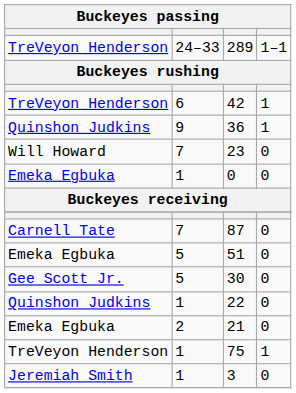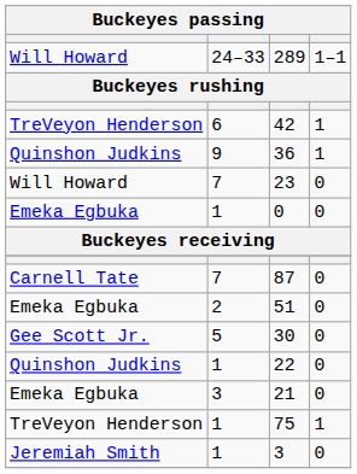 <table class="wikitable plainrowheaders">
 <tr>
 <th colspan="6">Buckeyes passing</th>
 </tr>
 <tr>
 <th scope="col"></th>
 <th scope="col"></th>
 <th scope="col"></th>
 <th scope="col"></th>
 </tr>
 <tr>
-<td><a href='#'>TreVeyon Henderson</a></td>
+<td><a href='#'>Will Howard</a></td>
 <td>24–33</td>
 <td>289</td>
 <td>1–1</td>
 </tr>
 <tr>
 <th colspan="6">Buckeyes rushing</th>
 </tr>
 <tr>
 <th scope="col"></th>
 <th scope="col"></th>
 <th scope="col"></th>
 <th scope="col"></th>
 </tr>
 <tr>
 <td><a href='#'>TreVeyon Henderson</a></td>
 <td>6</td>
 <td>42</td>
 <td>1</td>
 </tr>
 <tr>
 <td><a href='#'>Quinshon Judkins</a></td>
 <td>9</td>
 <td>36</td>
 <td>1</td>
 </tr>
 <tr>
 <td>Will Howard</td>
 <td>7</td>
 <td>23</td>
 <td>0</td>
 </tr>
 <tr>
 <td><a href='#'>Emeka Egbuka</a></td>
 <td>1</td>
 <td>0</td>
 <td>0</td>
 </tr>
 <tr>
 <th colspan="6">Buckeyes receiving</th>
 </tr>
 <tr>
 </tr>
 <tr>
 <th scope="col"></th>
 <th scope="col"></th>
 <th scope="col"></th>
 <th scope="col"></th>
 </tr>
 <tr>
 <td><a href='#'>Carnell Tate</a></td>
 <td>7</td>
 <td>87</td>
 <td>0</td>
 </tr>
 <tr>
 <td>Emeka Egbuka</td>
-<td>5</td>
+<td>2</td>
 <td>51</td>
 <td>0</td>
 </tr>
 <tr>
 <td><a href='#'>Gee Scott Jr.</a></td>
 <td>5</td>
 <td>30</td>
 <td>0</td>
 </tr>
 <tr>
 <td><a href='#'>Quinshon Judkins</a></td>
 <td>1</td>
 <td>22</td>
 <td>0</td>
 </tr>
 <tr>
 <td>Emeka Egbuka</td>
-<td>2</td>
+<td>3</td>
 <td>21</td>
 <td>0</td>
 </tr>
 <tr>
 <td>TreVeyon Henderson</td>
 <td>1</td>
 <td>75</td>
 <td>1</td>
 </tr>
 <tr>
 <td><a href='#'>Jeremiah Smith</a></td>
 <td>1</td>
 <td>3</td>
 <td>0</td>
 </tr>
 <tr>
 </tr>
 </table>
